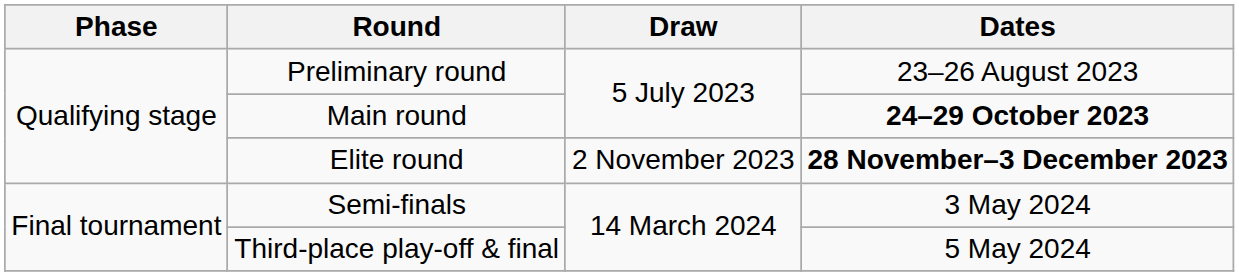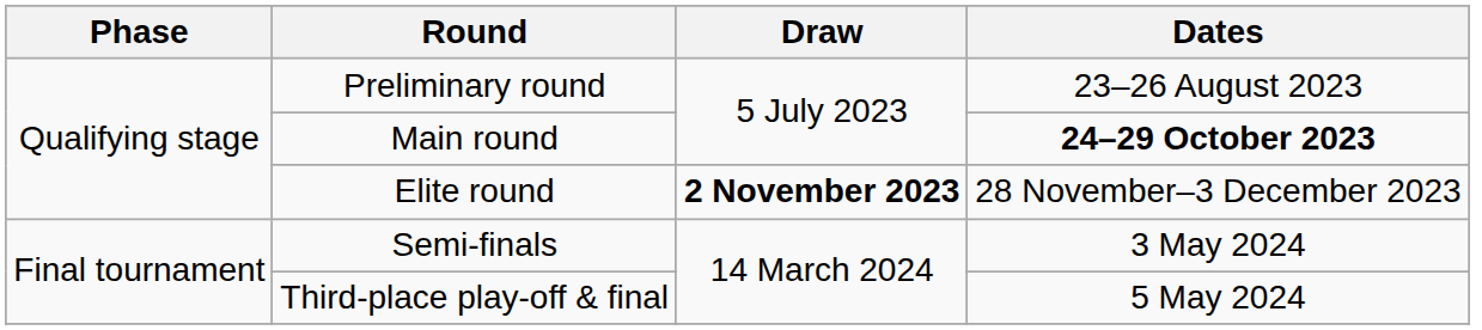 <table class="wikitable" style="text-align:center">
 <tr>
 <th>Phase</th>
 <th>Round</th>
 <th>Draw</th>
 <th>Dates</th>
 </tr>
 <tr>
 <td rowspan=3>Qualifying stage</td>
 <td>Preliminary round</td>
 <td rowspan=2>5 July 2023</td>
 <td>23–26 August 2023</td>
 </tr>
 <tr>
 <td>Main round</td>
 <td><strong>24–29 October 2023</strong></td>
 </tr>
 <tr>
 <td>Elite round</td>
-<td>2 November 2023</td>
-<td><strong>28 November–3 December 2023</strong></td>
+<td><strong>2 November 2023</strong></td>
+<td>28 November–3 December 2023</td>
 </tr>
 <tr>
 <td rowspan=2>Final tournament</td>
 <td>Semi-finals</td>
 <td rowspan=2>14 March 2024</td>
 <td>3 May 2024</td>
 </tr>
 <tr>
 <td>Third-place play-off & final</td>
 <td>5 May 2024</td>
 </tr>
 </table>
